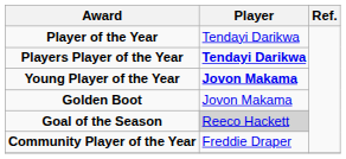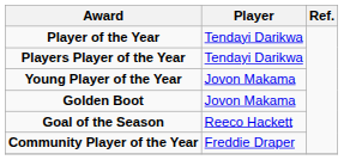 <table class="wikitable" style="text-align:left">
 <tr>
 <th>Award</th>
 <th>Player</th>
 <th>Ref.</th>
 </tr>
 <tr>
 <td align=center><strong>Player of the Year</strong></td>
 <td> <a href='#'>Tendayi Darikwa</a></td>
 <td rowspan="6"></td>
 </tr>
 <tr>
 <td align=center><strong>Players Player of the Year</strong></td>
-<td><strong> <a href='#'>Tendayi Darikwa</a></strong></td>
+<td> <a href='#'>Tendayi Darikwa</a></td>
 </tr>
 <tr>
 <td align=center><strong>Young Player of the Year</strong></td>
-<td><strong> <a href='#'>Jovon Makama</a></strong></td>
+<td> <a href='#'>Jovon Makama</a></td>
 </tr>
 <tr>
 <td align=center><strong>Golden Boot</strong></td>
 <td> <a href='#'>Jovon Makama</a></td>
 </tr>
 <tr>
 <td align=center><strong>Goal of the Season</strong></td>
-<td style="background: lightgrey;"> <a href='#'>Reeco Hackett</a></td>
+<td> <a href='#'>Reeco Hackett</a></td>
 </tr>
 <tr>
 <td align=center><strong>Community Player of the Year</strong></td>
 <td> <a href='#'>Freddie Draper</a></td>
 </tr>
 <tr>
 </tr>
 </table>
